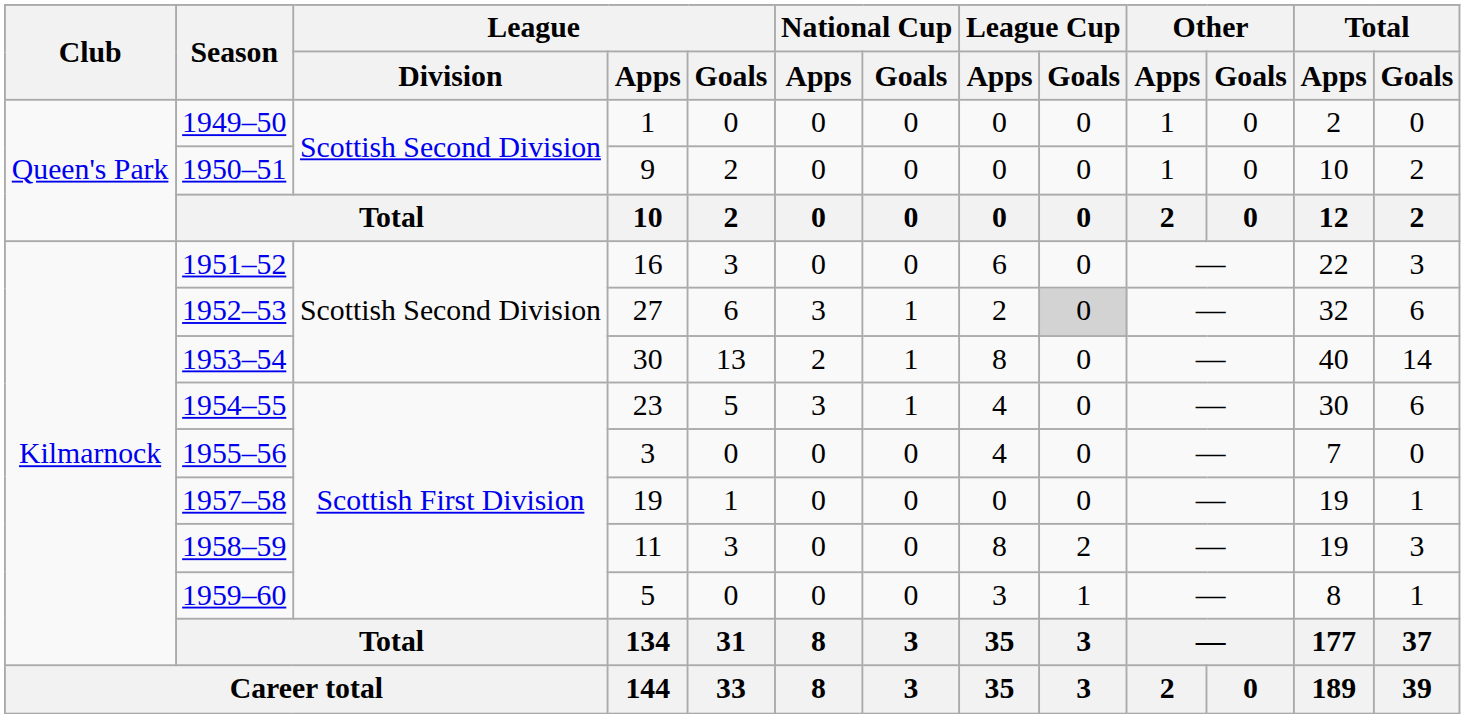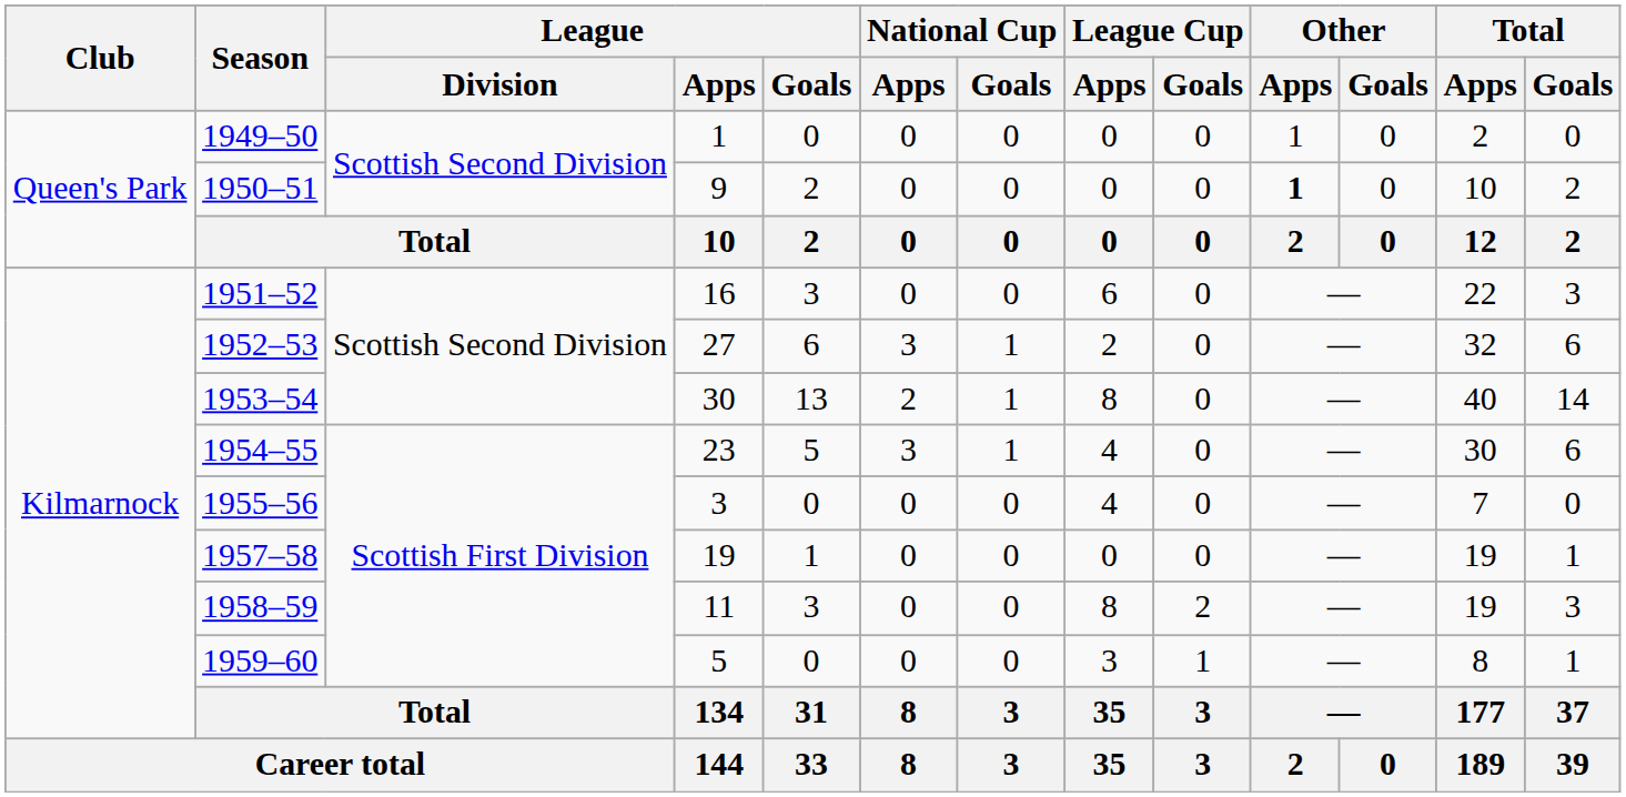 <table class="wikitable" style="text-align: center;">
 <tr>
 <th rowspan="2">Club</th>
 <th rowspan="2">Season</th>
 <th colspan="3">League</th>
 <th colspan="2">National Cup</th>
 <th colspan="2">League Cup</th>
 <th colspan="2">Other</th>
 <th colspan="2">Total</th>
 </tr>
 <tr>
 <th>Division</th>
 <th>Apps</th>
 <th>Goals</th>
 <th>Apps</th>
 <th>Goals</th>
 <th>Apps</th>
 <th>Goals</th>
 <th>Apps</th>
 <th>Goals</th>
 <th>Apps</th>
 <th>Goals</th>
 </tr>
 <tr>
 <td rowspan="3"><a href='#'>Queen's Park</a></td>
 <td><a href='#'>1949–50</a></td>
 <td rowspan="2"><a href='#'>Scottish Second Division</a></td>
 <td>1</td>
 <td>0</td>
 <td>0</td>
 <td>0</td>
 <td>0</td>
 <td>0</td>
 <td>1</td>
 <td>0</td>
 <td>2</td>
 <td>0</td>
 </tr>
 <tr>
 <td><a href='#'>1950–51</a></td>
 <td>9</td>
 <td>2</td>
 <td>0</td>
 <td>0</td>
 <td>0</td>
 <td>0</td>
-<td>1</td>
+<td><strong>1</strong></td>
 <td>0</td>
 <td>10</td>
 <td>2</td>
 </tr>
 <tr>
 <th colspan="2">Total</th>
 <th>10</th>
 <th>2</th>
 <th>0</th>
 <th>0</th>
 <th>0</th>
 <th>0</th>
 <th>2</th>
 <th>0</th>
 <th>12</th>
 <th>2</th>
 </tr>
 <tr>
 <td rowspan="9"><a href='#'>Kilmarnock</a></td>
 <td><a href='#'>1951–52</a></td>
 <td rowspan="3">Scottish Second Division</td>
 <td>16</td>
 <td>3</td>
 <td>0</td>
 <td>0</td>
 <td>6</td>
 <td>0</td>
 <td colspan="2">—</td>
 <td>22</td>
 <td>3</td>
 </tr>
 <tr>
 <td><a href='#'>1952–53</a></td>
 <td>27</td>
 <td>6</td>
 <td>3</td>
 <td>1</td>
 <td>2</td>
-<td style="background: lightgrey;">0</td>
+<td>0</td>
 <td colspan="2">—</td>
 <td>32</td>
 <td>6</td>
 </tr>
 <tr>
 <td><a href='#'>1953–54</a></td>
 <td>30</td>
 <td>13</td>
 <td>2</td>
 <td>1</td>
 <td>8</td>
 <td>0</td>
 <td colspan="2">—</td>
 <td>40</td>
 <td>14</td>
 </tr>
 <tr>
 <td><a href='#'>1954–55</a></td>
 <td rowspan="5"><a href='#'>Scottish First Division</a></td>
 <td>23</td>
 <td>5</td>
 <td>3</td>
 <td>1</td>
 <td>4</td>
 <td>0</td>
 <td colspan="2">—</td>
 <td>30</td>
 <td>6</td>
 </tr>
 <tr>
 <td><a href='#'>1955–56</a></td>
 <td>3</td>
 <td>0</td>
 <td>0</td>
 <td>0</td>
 <td>4</td>
 <td>0</td>
 <td colspan="2">—</td>
 <td>7</td>
 <td>0</td>
 </tr>
 <tr>
 <td><a href='#'>1957–58</a></td>
 <td>19</td>
 <td>1</td>
 <td>0</td>
 <td>0</td>
 <td>0</td>
 <td>0</td>
 <td colspan="2">—</td>
 <td>19</td>
 <td>1</td>
 </tr>
 <tr>
 <td><a href='#'>1958–59</a></td>
 <td>11</td>
 <td>3</td>
 <td>0</td>
 <td>0</td>
 <td>8</td>
 <td>2</td>
 <td colspan="2">—</td>
 <td>19</td>
 <td>3</td>
 </tr>
 <tr>
 <td><a href='#'>1959–60</a></td>
 <td>5</td>
 <td>0</td>
 <td>0</td>
 <td>0</td>
 <td>3</td>
 <td>1</td>
 <td colspan="2">—</td>
 <td>8</td>
 <td>1</td>
 </tr>
 <tr>
 <th colspan="2">Total</th>
 <th>134</th>
 <th>31</th>
 <th>8</th>
 <th>3</th>
 <th>35</th>
 <th>3</th>
 <th colspan="2">—</th>
 <th>177</th>
 <th>37</th>
 </tr>
 <tr>
 <th colspan="3">Career total</th>
 <th>144</th>
 <th>33</th>
 <th>8</th>
 <th>3</th>
 <th>35</th>
 <th>3</th>
 <th>2</th>
 <th>0</th>
 <th>189</th>
 <th>39</th>
 </tr>
 </table>
